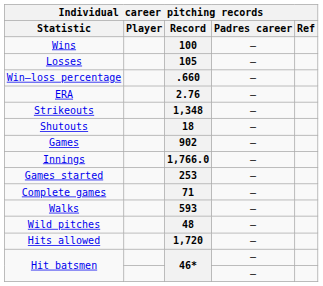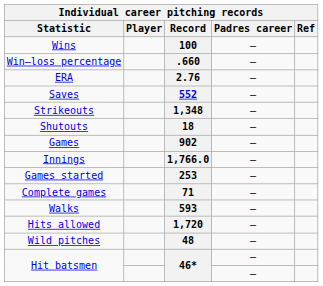 <table class="wikitable sortable" style="text-align:center">
 <tr>
 <th colspan=5>Individual career pitching records</th>
 </tr>
 <tr>
 <th scope="col">Statistic</th>
 <th scope="col">Player</th>
 <th scope="col" class="unsortable">Record</th>
 <th scope="col">Padres career</th>
 <th scope="col" class="unsortable">Ref</th>
 </tr>
 <tr>
 <td><a href='#'>Wins</a></td>
 <td></td>
 <th scope="row">100</th>
 <td>–</td>
 <td></td>
 </tr>
 <tr>
-<td><a href='#'>Losses</a></td>
-<td></td>
-<th scope="row">105</th>
-<td>–</td>
-<td></td>
-</tr>
-<tr>
 <td><a href='#'>Win–loss percentage</a></td>
 <td></td>
 <th scope="row">.660</th>
 <td>–</td>
 <td></td>
 </tr>
 <tr>
 <td><a href='#'>ERA</a></td>
 <td></td>
 <th scope="row">2.76</th>
+<td>–</td>
+<td></td>
+</tr>
+<tr>
+<td><a href='#'>Saves</a></td>
+<td></td>
+<th scope="row"><a href='#'>552</a></th>
 <td>–</td>
 <td></td>
 </tr>
 <tr>
 <td><a href='#'>Strikeouts</a></td>
 <td></td>
 <th scope="row">1,348</th>
 <td>–</td>
 <td></td>
 </tr>
 <tr>
 <td><a href='#'>Shutouts</a></td>
 <td></td>
 <th scope="row">18</th>
 <td>–</td>
 <td></td>
 </tr>
 <tr>
 <td><a href='#'>Games</a></td>
 <td></td>
 <th scope="row">902</th>
 <td>–</td>
 <td></td>
 </tr>
 <tr>
 <td><a href='#'>Innings</a></td>
 <td></td>
 <th scope="row">1,766.0</th>
 <td>–</td>
 <td></td>
 </tr>
 <tr>
 <td><a href='#'>Games started</a></td>
 <td></td>
 <th scope="row">253</th>
 <td>–</td>
 <td></td>
 </tr>
 <tr>
 <td><a href='#'>Complete games</a></td>
 <td></td>
 <th scope="row">71</th>
 <td>–</td>
 <td></td>
 </tr>
 <tr>
 <td><a href='#'>Walks</a></td>
 <td></td>
 <th scope="row">593</th>
 <td>–</td>
 <td></td>
 </tr>
 <tr>
-<td><a href='#'>Wild pitches</a></td>
+<td><a href='#'>Hits allowed</a></td>
 <td></td>
-<th scope="row">48</th>
+<th scope="row">1,720</th>
 <td>–</td>
 <td></td>
 </tr>
 <tr>
-<td><a href='#'>Hits allowed</a></td>
+<td><a href='#'>Wild pitches</a></td>
 <td></td>
-<th scope="row">1,720</th>
+<th scope="row">48</th>
 <td>–</td>
 <td></td>
 </tr>
 <tr>
 <td rowspan=2><a href='#'>Hit batsmen</a></td>
 <td></td>
 <th scope="row" rowspan=2>46*</th>
 <td>–</td>
 <td></td>
 </tr>
 <tr>
 <td></td>
 <td>–</td>
 <td></td>
 </tr>
 </table>
